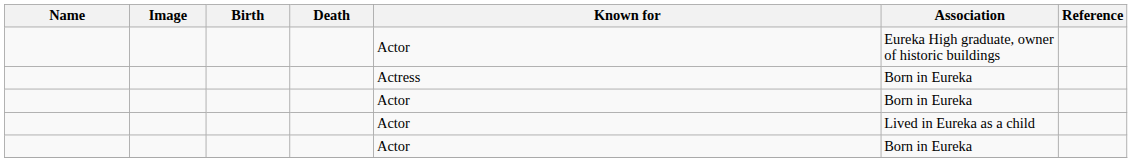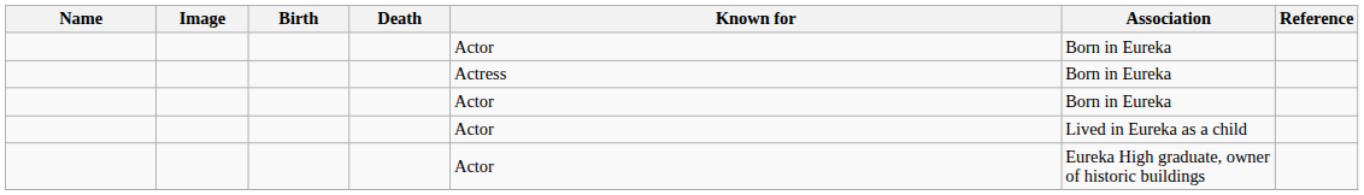 <table class="wikitable sortable">
 <tr>
 <th scope="col" width="140">Name</th>
 <th scope="col" width="80" class="unsortable">Image</th>
 <th scope="col" width="90">Birth</th>
 <th scope="col" width="90">Death</th>
 <th scope="col" width="600" class="unsortable">Known for</th>
 <th scope="col" width="200" class="unsortable">Association</th>
 <th scope="col" width="30" class="unsortable">Reference</th>
 </tr>
 <tr>
 <td></td>
 <td></td>
 <td align=right> </td>
 <td align=right>  </td>
 <td>Actor </td>
-<td>Eureka High graduate, owner of historic buildings</td>
+<td>Born in Eureka </td>
 <td align="center"></td>
 </tr>
 <tr>
 <td></td>
 <td></td>
 <td align=right> </td>
 <td align=right>  </td>
 <td>Actress </td>
 <td>Born in Eureka </td>
 <td align="center"></td>
 </tr>
 <tr>
 <td></td>
 <td></td>
 <td align=right> </td>
 <td align=right>  </td>
 <td>Actor </td>
 <td>Born in Eureka</td>
 <td align="center"></td>
 </tr>
 <tr>
 <td></td>
 <td></td>
 <td align=right> </td>
 <td align=right>  </td>
 <td>Actor</td>
 <td>Lived in Eureka as a child </td>
 <td align="center"></td>
 </tr>
 <tr>
 <td></td>
 <td></td>
 <td align=right> </td>
 <td align=right>  </td>
 <td>Actor </td>
-<td>Born in Eureka </td>
+<td>Eureka High graduate, owner of historic buildings</td>
 <td align="center"></td>
 </tr>
 <tr>
 </tr>
 </table>
